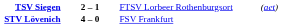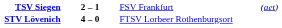 <table width=100% cellspacing=1>
 <tr>
 <th width=25%></th>
 <th width=10%></th>
 <th width=25%></th>
 <th></th>
 </tr>
 <tr style=font-size:90%>
 <td align=right><strong><a href='#'>TSV Siegen</a></strong></td>
 <td align=center><strong>2 – 1</strong></td>
-<td><a href='#'>FTSV Lorbeer Rothenburgsort</a></td>
+<td><a href='#'>FSV Frankfurt</a></td>
 <td><em>(<a href='#'>aet</a>)</em></td>
 </tr>
 <tr style=font-size:90%>
 <td align=right><strong><a href='#'>STV Lövenich</a></strong></td>
 <td align=center><strong>4 – 0</strong></td>
-<td><a href='#'>FSV Frankfurt</a></td>
+<td><a href='#'>FTSV Lorbeer Rothenburgsort</a></td>
 </tr>
 </table>
